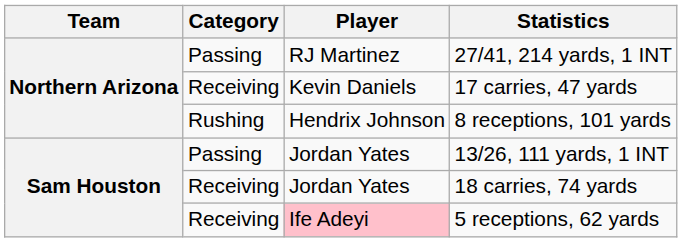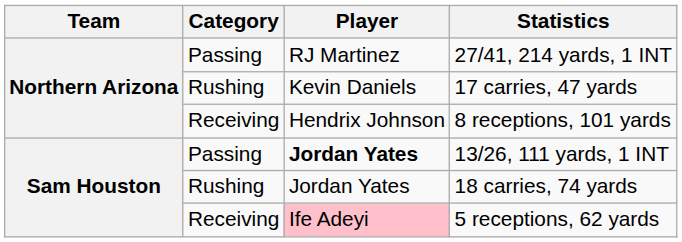 <table class="wikitable" style="float:right">
 <tr>
 <th>Team</th>
 <th>Category</th>
 <th>Player</th>
 <th>Statistics</th>
 </tr>
 <tr>
 <th rowspan=3>Northern Arizona</th>
 <td>Passing</td>
 <td>RJ Martinez</td>
 <td>27/41, 214 yards, 1 INT</td>
 </tr>
 <tr>
-<td>Receiving</td>
+<td>Rushing</td>
 <td>Kevin Daniels</td>
 <td>17 carries, 47 yards</td>
 </tr>
 <tr>
-<td>Rushing</td>
+<td>Receiving</td>
 <td>Hendrix Johnson</td>
 <td>8 receptions, 101 yards</td>
 </tr>
 <tr>
 <th rowspan=3>Sam Houston</th>
 <td>Passing</td>
-<td>Jordan Yates</td>
+<td><strong>Jordan Yates</strong></td>
 <td>13/26, 111 yards, 1 INT</td>
 </tr>
 <tr>
-<td>Receiving</td>
+<td>Rushing</td>
 <td>Jordan Yates</td>
 <td>18 carries, 74 yards</td>
 </tr>
 <tr>
 <td>Receiving</td>
 <td style="background: pink;">Ife Adeyi</td>
 <td>5 receptions, 62 yards</td>
 </tr>
 </table>
